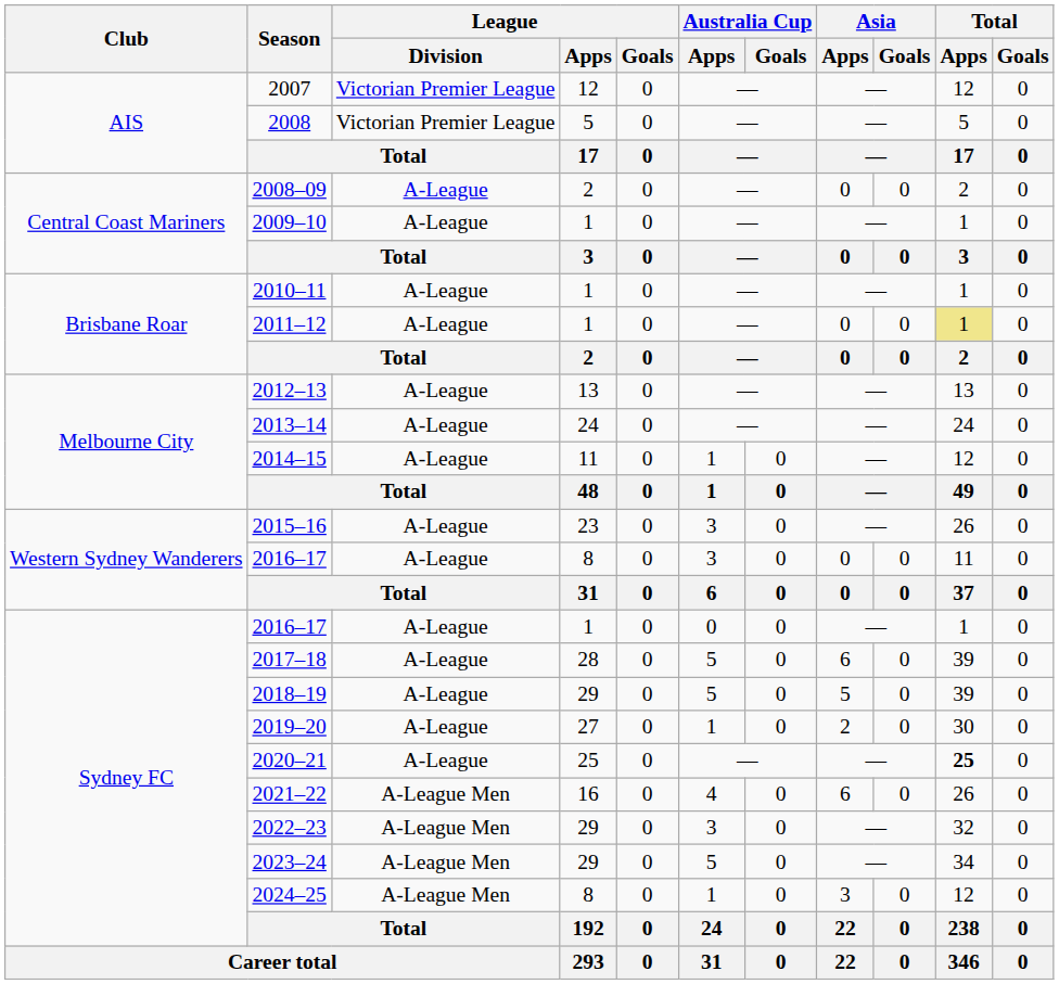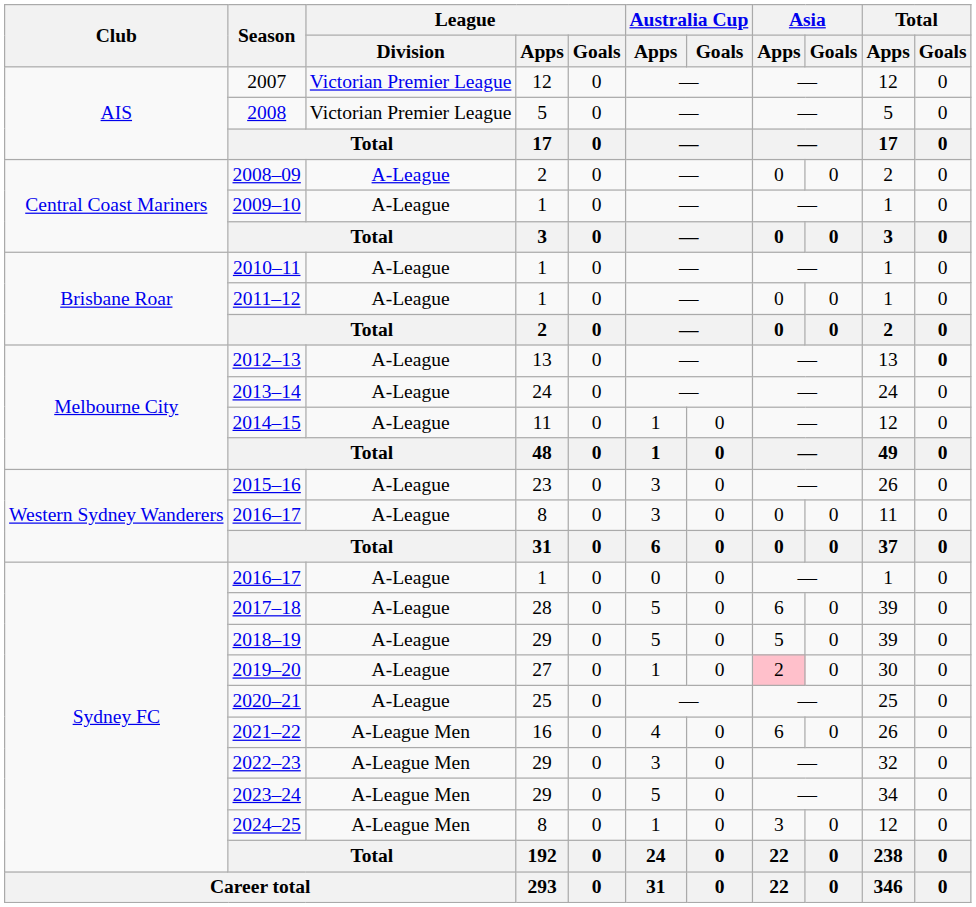 <table class="wikitable" style="text-align: center;">
 <tr>
 <th rowspan="2">Club</th>
 <th rowspan="2">Season</th>
 <th colspan="3">League</th>
 <th colspan="2"><a href='#'>Australia Cup</a></th>
 <th colspan="2"><a href='#'>Asia</a></th>
 <th colspan="2">Total</th>
 </tr>
 <tr>
 <th>Division</th>
 <th>Apps</th>
 <th>Goals</th>
 <th>Apps</th>
 <th>Goals</th>
 <th>Apps</th>
 <th>Goals</th>
 <th>Apps</th>
 <th>Goals</th>
 </tr>
 <tr>
 <td rowspan="3" valign="center"><a href='#'>AIS</a></td>
 <td>2007</td>
 <td><a href='#'>Victorian Premier League</a></td>
 <td>12</td>
 <td>0</td>
 <td colspan="2">—</td>
 <td colspan="2">—</td>
 <td>12</td>
 <td>0</td>
 </tr>
 <tr>
 <td><a href='#'>2008</a></td>
 <td>Victorian Premier League</td>
 <td>5</td>
 <td>0</td>
 <td colspan="2">—</td>
 <td colspan="2">—</td>
 <td>5</td>
 <td>0</td>
 </tr>
 <tr>
 <th colspan=2>Total</th>
 <th>17</th>
 <th>0</th>
 <th colspan="2">—</th>
 <th colspan="2">—</th>
 <th>17</th>
 <th>0</th>
 </tr>
 <tr>
 <td rowspan="3" valign="center"><a href='#'>Central Coast Mariners</a></td>
 <td><a href='#'>2008–09</a></td>
 <td><a href='#'>A-League</a></td>
 <td>2</td>
 <td>0</td>
 <td colspan="2">—</td>
 <td>0</td>
 <td>0</td>
 <td>2</td>
 <td>0</td>
 </tr>
 <tr>
 <td><a href='#'>2009–10</a></td>
 <td>A-League</td>
 <td>1</td>
 <td>0</td>
 <td colspan="2">—</td>
 <td colspan="2">—</td>
 <td>1</td>
 <td>0</td>
 </tr>
 <tr>
 <th colspan=2>Total</th>
 <th>3</th>
 <th>0</th>
 <th colspan="2">—</th>
 <th>0</th>
 <th>0</th>
 <th>3</th>
 <th>0</th>
 </tr>
 <tr>
 <td rowspan="3" valign="center"><a href='#'>Brisbane Roar</a></td>
 <td><a href='#'>2010–11</a></td>
 <td>A-League</td>
 <td>1</td>
 <td>0</td>
 <td colspan="2">—</td>
 <td colspan="2">—</td>
 <td>1</td>
 <td>0</td>
 </tr>
 <tr>
 <td><a href='#'>2011–12</a></td>
 <td>A-League</td>
 <td>1</td>
 <td>0</td>
 <td colspan="2">—</td>
 <td>0</td>
 <td>0</td>
-<td style="background: khaki;">1</td>
+<td>1</td>
 <td>0</td>
 </tr>
 <tr>
 <th colspan=2>Total</th>
 <th>2</th>
 <th>0</th>
 <th colspan="2">—</th>
 <th>0</th>
 <th>0</th>
 <th>2</th>
 <th>0</th>
 </tr>
 <tr>
 <td rowspan="4" valign="center"><a href='#'>Melbourne City</a></td>
 <td><a href='#'>2012–13</a></td>
 <td>A-League</td>
 <td>13</td>
 <td>0</td>
 <td colspan="2">—</td>
 <td colspan="2">—</td>
 <td>13</td>
-<td>0</td>
+<td><strong>0</strong></td>
 </tr>
 <tr>
 <td><a href='#'>2013–14</a></td>
 <td>A-League</td>
 <td>24</td>
 <td>0</td>
 <td colspan="2">—</td>
 <td colspan="2">—</td>
 <td>24</td>
 <td>0</td>
 </tr>
 <tr>
 <td><a href='#'>2014–15</a></td>
 <td>A-League</td>
 <td>11</td>
 <td>0</td>
 <td>1</td>
 <td>0</td>
 <td colspan="2">—</td>
 <td>12</td>
 <td>0</td>
 </tr>
 <tr>
 <th Colspan=2>Total</th>
 <th>48</th>
 <th>0</th>
 <th>1</th>
 <th>0</th>
 <th colspan="2">—</th>
 <th>49</th>
 <th>0</th>
 </tr>
 <tr>
 <td rowspan=3><a href='#'>Western Sydney Wanderers</a></td>
 <td><a href='#'>2015–16</a></td>
 <td>A-League</td>
 <td>23</td>
 <td>0</td>
 <td>3</td>
 <td>0</td>
 <td colspan="2">—</td>
 <td>26</td>
 <td>0</td>
 </tr>
 <tr>
 <td><a href='#'>2016–17</a></td>
 <td>A-League</td>
 <td>8</td>
 <td>0</td>
 <td>3</td>
 <td>0</td>
 <td>0</td>
 <td>0</td>
 <td>11</td>
 <td>0</td>
 </tr>
 <tr>
 <th colspan=2>Total</th>
 <th>31</th>
 <th>0</th>
 <th>6</th>
 <th>0</th>
 <th>0</th>
 <th>0</th>
 <th>37</th>
 <th>0</th>
 </tr>
 <tr>
 <td rowspan="10"><a href='#'>Sydney FC</a></td>
 <td><a href='#'>2016–17</a></td>
 <td>A-League</td>
 <td>1</td>
 <td>0</td>
 <td>0</td>
 <td>0</td>
 <td colspan="2">—</td>
 <td>1</td>
 <td>0</td>
 </tr>
 <tr>
 <td><a href='#'>2017–18</a></td>
 <td>A-League</td>
 <td>28</td>
 <td>0</td>
 <td>5</td>
 <td>0</td>
 <td>6</td>
 <td>0</td>
 <td>39</td>
 <td>0</td>
 </tr>
 <tr>
 <td><a href='#'>2018–19</a></td>
 <td>A-League</td>
 <td>29</td>
 <td>0</td>
 <td>5</td>
 <td>0</td>
 <td>5</td>
 <td>0</td>
 <td>39</td>
 <td>0</td>
 </tr>
 <tr>
 <td><a href='#'>2019–20</a></td>
 <td>A-League</td>
 <td>27</td>
 <td>0</td>
 <td>1</td>
 <td>0</td>
-<td>2</td>
+<td style="background: pink;">2</td>
 <td>0</td>
 <td>30</td>
 <td>0</td>
 </tr>
 <tr>
 <td><a href='#'>2020–21</a></td>
 <td>A-League</td>
 <td>25</td>
 <td>0</td>
 <td colspan="2">—</td>
 <td colspan="2">—</td>
-<td><strong>25</strong></td>
+<td>25</td>
 <td>0</td>
 </tr>
 <tr>
 <td><a href='#'>2021–22</a></td>
 <td>A-League Men</td>
 <td>16</td>
 <td>0</td>
 <td>4</td>
 <td>0</td>
 <td>6</td>
 <td>0</td>
 <td>26</td>
 <td>0</td>
 </tr>
 <tr>
 <td><a href='#'>2022–23</a></td>
 <td>A-League Men</td>
 <td>29</td>
 <td>0</td>
 <td>3</td>
 <td>0</td>
 <td colspan="2">—</td>
 <td>32</td>
 <td>0</td>
 </tr>
 <tr>
 <td><a href='#'>2023–24</a></td>
 <td>A-League Men</td>
 <td>29</td>
 <td>0</td>
 <td>5</td>
 <td>0</td>
 <td colspan="2">—</td>
 <td>34</td>
 <td>0</td>
 </tr>
 <tr>
 <td><a href='#'>2024–25</a></td>
 <td>A-League Men</td>
 <td>8</td>
 <td>0</td>
 <td>1</td>
 <td>0</td>
 <td>3</td>
 <td>0</td>
 <td>12</td>
 <td>0</td>
 </tr>
 <tr>
 <th colspan="2">Total</th>
 <th>192</th>
 <th>0</th>
 <th>24</th>
 <th>0</th>
 <th>22</th>
 <th>0</th>
 <th>238</th>
 <th>0</th>
 </tr>
 <tr>
 <th colspan="3">Career total</th>
 <th>293</th>
 <th>0</th>
 <th>31</th>
 <th>0</th>
 <th>22</th>
 <th>0</th>
 <th>346</th>
 <th>0</th>
 </tr>
 </table>
